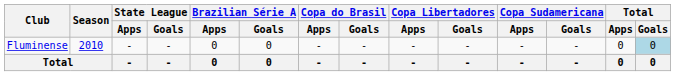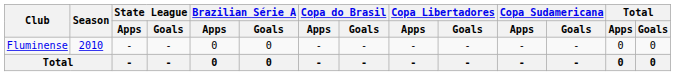 <table class="wikitable" style="text-align:center;">
 <tr>
 <th rowspan="2">Club</th>
 <th rowspan="2">Season</th>
 <th colspan="2">State League</th>
 <th colspan="2"><a href='#'>Brazilian Série A</a></th>
 <th colspan="2"><a href='#'>Copa do Brasil</a></th>
 <th colspan="2"><a href='#'>Copa Libertadores</a></th>
 <th colspan="2"><a href='#'>Copa Sudamericana</a></th>
 <th colspan="2">Total</th>
 </tr>
 <tr>
 <th>Apps</th>
 <th>Goals</th>
 <th>Apps</th>
 <th>Goals</th>
 <th>Apps</th>
 <th>Goals</th>
 <th>Apps</th>
 <th>Goals</th>
 <th>Apps</th>
 <th>Goals</th>
 <th>Apps</th>
 <th>Goals</th>
 </tr>
 <tr>
 <td rowspan="1" valign="center"><a href='#'>Fluminense</a></td>
 <td><a href='#'>2010</a></td>
 <td>-</td>
 <td>-</td>
 <td>0</td>
 <td>0</td>
 <td>-</td>
 <td>-</td>
 <td>-</td>
 <td>-</td>
 <td>-</td>
 <td>-</td>
 <td>0</td>
-<td style="background: lightblue;">0</td>
+<td>0</td>
 </tr>
 <tr>
 <th colspan="2"><strong>Total</strong></th>
 <th>-</th>
 <th>-</th>
 <th>0</th>
 <th>0</th>
 <th>-</th>
 <th>-</th>
 <th>-</th>
 <th>-</th>
 <th>-</th>
 <th>-</th>
 <th>0</th>
 <th>0</th>
 </tr>
 </table>
